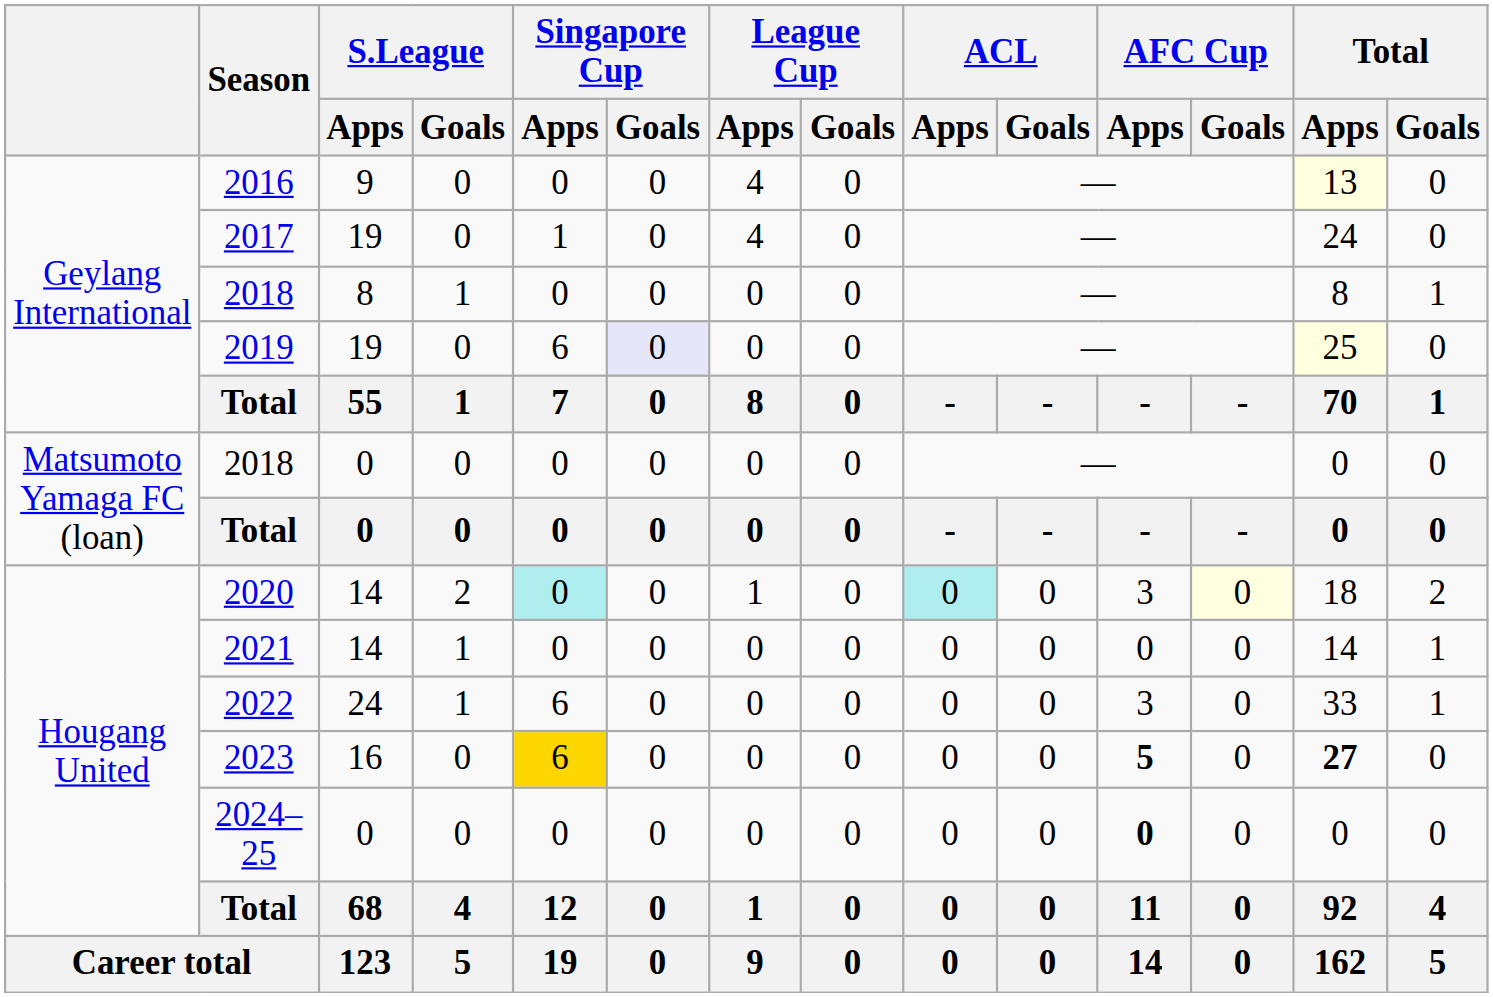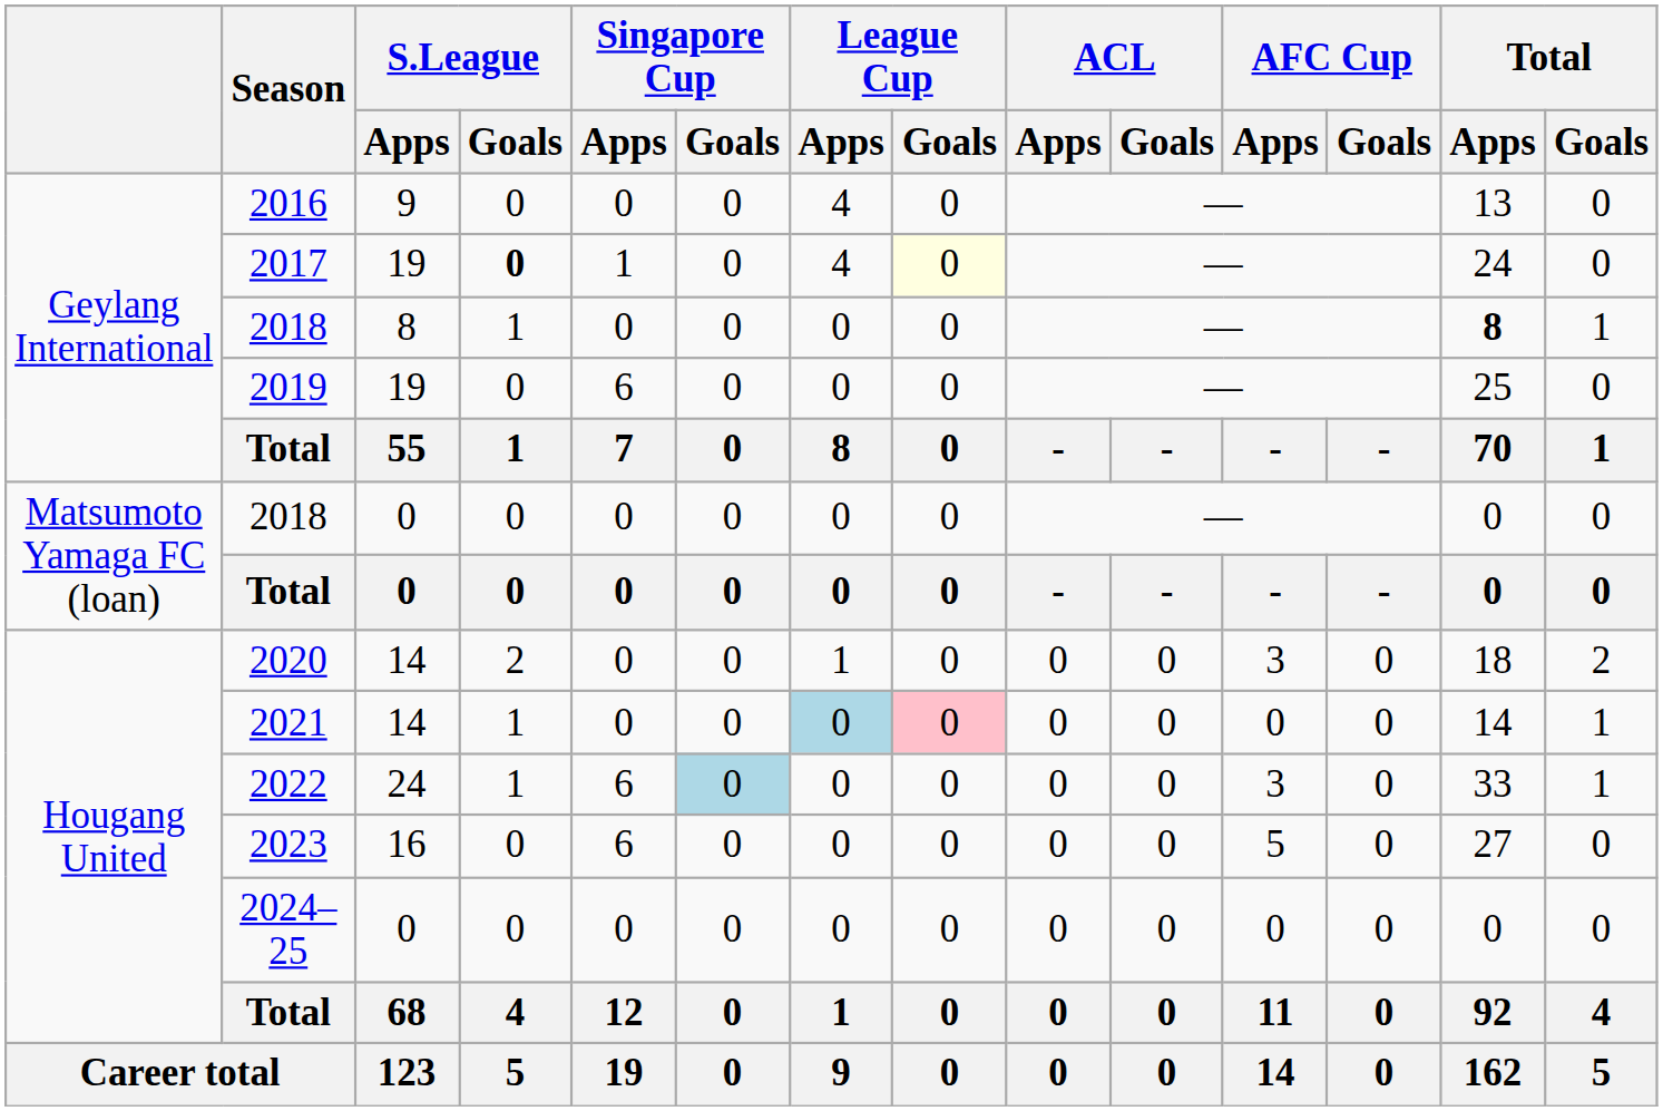 <table class="wikitable" style="text-align:center">
 <tr>
 <th rowspan="2"></th>
 <th rowspan="2">Season</th>
 <th colspan="2"><a href='#'>S.League</a></th>
 <th colspan="2"><a href='#'>Singapore Cup</a></th>
 <th colspan="2"><a href='#'>League Cup</a></th>
 <th colspan="2"><a href='#'>ACL</a></th>
 <th colspan="2"><a href='#'>AFC Cup</a></th>
 <th colspan="2">Total</th>
 </tr>
 <tr>
 <th>Apps</th>
 <th>Goals</th>
 <th>Apps</th>
 <th>Goals</th>
 <th>Apps</th>
 <th>Goals</th>
 <th>Apps</th>
 <th>Goals</th>
 <th>Apps</th>
 <th>Goals</th>
 <th>Apps</th>
 <th>Goals</th>
 </tr>
 <tr>
 <td rowspan="5"><a href='#'>Geylang International</a></td>
 <td><a href='#'>2016</a></td>
 <td>9</td>
 <td>0</td>
 <td>0</td>
 <td>0</td>
 <td>4</td>
 <td>0</td>
 <td colspan="4">—</td>
-<td style="background: lightyellow;">13</td>
+<td>13</td>
 <td>0</td>
 </tr>
 <tr>
 <td><a href='#'>2017</a></td>
 <td>19</td>
-<td>0</td>
+<td><strong>0</strong></td>
 <td>1</td>
 <td>0</td>
 <td>4</td>
-<td>0</td>
+<td style="background: lightyellow;">0</td>
 <td colspan="4">—</td>
 <td>24</td>
 <td>0</td>
 </tr>
 <tr>
 <td><a href='#'>2018</a></td>
 <td>8</td>
 <td>1</td>
 <td>0</td>
 <td>0</td>
 <td>0</td>
 <td>0</td>
 <td colspan="4">—</td>
-<td>8</td>
+<td><strong>8</strong></td>
 <td>1</td>
 </tr>
 <tr>
 <td><a href='#'>2019</a></td>
 <td>19</td>
 <td>0</td>
 <td>6</td>
-<td style="background: lavender;">0</td>
+<td>0</td>
 <td>0</td>
 <td>0</td>
 <td colspan="4">—</td>
-<td style="background: lightyellow;">25</td>
+<td>25</td>
 <td>0</td>
 </tr>
 <tr>
 <th>Total</th>
 <th>55</th>
 <th>1</th>
 <th>7</th>
 <th>0</th>
 <th>8</th>
 <th>0</th>
 <th>-</th>
 <th>-</th>
 <th>-</th>
 <th>-</th>
 <th>70</th>
 <th>1</th>
 </tr>
 <tr>
 <td rowspan="2"><a href='#'>Matsumoto Yamaga FC</a> (loan)</td>
 <td>2018</td>
 <td>0</td>
 <td>0</td>
 <td>0</td>
 <td>0</td>
 <td>0</td>
 <td>0</td>
 <td colspan="4">—</td>
 <td>0</td>
 <td>0</td>
 </tr>
 <tr>
 <th>Total</th>
 <th>0</th>
 <th>0</th>
 <th>0</th>
 <th>0</th>
 <th>0</th>
 <th>0</th>
 <th>-</th>
 <th>-</th>
 <th>-</th>
 <th>-</th>
 <th>0</th>
 <th>0</th>
 </tr>
 <tr>
 <td rowspan="6"><a href='#'>Hougang United</a></td>
 <td><a href='#'>2020</a></td>
 <td>14</td>
 <td>2</td>
-<td style="background: paleturquoise;">0</td>
+<td>0</td>
 <td>0</td>
 <td>1</td>
 <td>0</td>
-<td style="background: paleturquoise;">0</td>
+<td>0</td>
 <td>0</td>
 <td>3</td>
-<td style="background: lightyellow;">0</td>
+<td>0</td>
 <td>18</td>
 <td>2</td>
 </tr>
 <tr>
 <td><a href='#'>2021</a></td>
 <td>14</td>
 <td>1</td>
 <td>0</td>
 <td>0</td>
-<td>0</td>
-<td>0</td>
+<td style="background: lightblue;">0</td>
+<td style="background: pink;">0</td>
 <td>0</td>
 <td>0</td>
 <td>0</td>
 <td>0</td>
 <td>14</td>
 <td>1</td>
 </tr>
 <tr>
 <td><a href='#'>2022</a></td>
 <td>24</td>
 <td>1</td>
 <td>6</td>
-<td>0</td>
+<td style="background: lightblue;">0</td>
 <td>0</td>
 <td>0</td>
 <td>0</td>
 <td>0</td>
 <td>3</td>
 <td>0</td>
 <td>33</td>
 <td>1</td>
 </tr>
 <tr>
 <td><a href='#'>2023</a></td>
 <td>16</td>
 <td>0</td>
-<td style="background: gold;">6</td>
+<td>6</td>
 <td>0</td>
 <td>0</td>
 <td>0</td>
 <td>0</td>
 <td>0</td>
-<td><strong>5</strong></td>
+<td>5</td>
 <td>0</td>
-<td><strong>27</strong></td>
+<td>27</td>
 <td>0</td>
 </tr>
 <tr>
 <td><a href='#'>2024–25</a></td>
 <td>0</td>
 <td>0</td>
 <td>0</td>
 <td>0</td>
 <td>0</td>
 <td>0</td>
 <td>0</td>
 <td>0</td>
-<td><strong>0</strong></td>
+<td>0</td>
 <td>0</td>
 <td>0</td>
 <td>0</td>
 </tr>
 <tr>
 <th>Total</th>
 <th>68</th>
 <th>4</th>
 <th>12</th>
 <th>0</th>
 <th>1</th>
 <th>0</th>
 <th>0</th>
 <th>0</th>
 <th>11</th>
 <th>0</th>
 <th>92</th>
 <th>4</th>
 </tr>
 <tr>
 <th colspan="2">Career total</th>
 <th>123</th>
 <th>5</th>
 <th>19</th>
 <th>0</th>
 <th>9</th>
 <th>0</th>
 <th>0</th>
 <th>0</th>
 <th>14</th>
 <th>0</th>
 <th>162</th>
 <th>5</th>
 </tr>
 </table>
